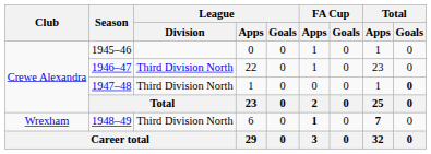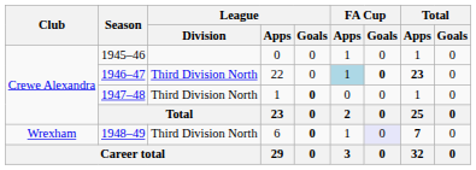 <table class="wikitable" style="text-align: center;">
 <tr>
 <th rowspan="2">Club</th>
 <th rowspan="2">Season</th>
 <th colspan="3">League</th>
 <th colspan="2">FA Cup</th>
 <th colspan="2">Total</th>
 </tr>
 <tr>
 <th>Division</th>
 <th>Apps</th>
 <th>Goals</th>
 <th>Apps</th>
 <th>Goals</th>
 <th>Apps</th>
 <th>Goals</th>
 </tr>
 <tr>
 <td rowspan="4"><a href='#'>Crewe Alexandra</a></td>
 <td>1945–46</td>
 <td></td>
 <td>0</td>
 <td>0</td>
 <td>1</td>
 <td>0</td>
 <td>1</td>
 <td>0</td>
 </tr>
 <tr>
 <td><a href='#'>1946–47</a></td>
 <td><a href='#'>Third Division North</a></td>
 <td>22</td>
 <td>0</td>
-<td>1</td>
-<td>0</td>
-<td>23</td>
+<td style="background: lightblue;">1</td>
+<td><strong>0</strong></td>
+<td><strong>23</strong></td>
 <td>0</td>
 </tr>
 <tr>
 <td><a href='#'>1947–48</a></td>
 <td>Third Division North</td>
 <td>1</td>
-<td>0</td>
+<td><strong>0</strong></td>
 <td>0</td>
 <td>0</td>
 <td>1</td>
-<td><strong>0</strong></td>
+<td>0</td>
 </tr>
 <tr>
 <th colspan="2">Total</th>
 <th>23</th>
 <th>0</th>
 <th>2</th>
 <th>0</th>
 <th>25</th>
 <th>0</th>
 </tr>
 <tr>
 <td><a href='#'>Wrexham</a></td>
 <td><a href='#'>1948–49</a></td>
 <td>Third Division North</td>
 <td>6</td>
-<td>0</td>
-<td><strong>1</strong></td>
-<td>0</td>
+<td><strong>0</strong></td>
+<td>1</td>
+<td style="background: lavender;">0</td>
 <td><strong>7</strong></td>
 <td>0</td>
 </tr>
 <tr>
 <th colspan="3">Career total</th>
 <th>29</th>
 <th>0</th>
 <th>3</th>
 <th>0</th>
 <th>32</th>
 <th>0</th>
 </tr>
 </table>
